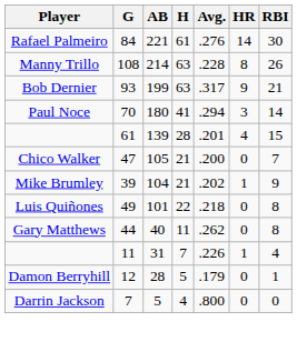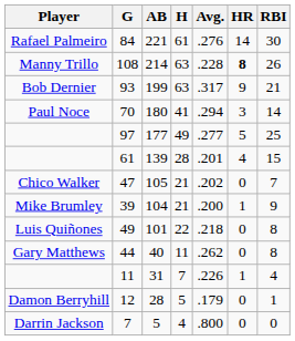 <table class="wikitable sortable" style="text-align:center">
 <tr>
 <th>Player</th>
 <th>G</th>
 <th>AB</th>
 <th>H</th>
 <th>Avg.</th>
 <th>HR</th>
 <th>RBI</th>
 </tr>
 <tr>
 <td><a href='#'>Rafael Palmeiro</a></td>
 <td>84</td>
 <td>221</td>
 <td>61</td>
 <td>.276</td>
 <td>14</td>
 <td>30</td>
 </tr>
 <tr>
 <td><a href='#'>Manny Trillo</a></td>
 <td>108</td>
 <td>214</td>
 <td>63</td>
 <td>.228</td>
-<td>8</td>
+<td><strong>8</strong></td>
 <td>26</td>
 </tr>
 <tr>
 <td><a href='#'>Bob Dernier</a></td>
 <td>93</td>
 <td>199</td>
 <td>63</td>
 <td>.317</td>
 <td>9</td>
 <td>21</td>
 </tr>
 <tr>
 <td><a href='#'>Paul Noce</a></td>
 <td>70</td>
 <td>180</td>
 <td>41</td>
 <td>.294</td>
 <td>3</td>
 <td>14</td>
 </tr>
 <tr>
 <td></td>
+<td>97</td>
+<td>177</td>
+<td>49</td>
+<td>.277</td>
+<td>5</td>
+<td>25</td>
+</tr>
+<tr>
+<td></td>
 <td>61</td>
 <td>139</td>
 <td>28</td>
 <td>.201</td>
 <td>4</td>
 <td>15</td>
 </tr>
 <tr>
 <td><a href='#'>Chico Walker</a></td>
 <td>47</td>
 <td>105</td>
 <td>21</td>
-<td>.200</td>
+<td>.202</td>
 <td>0</td>
 <td>7</td>
 </tr>
 <tr>
 <td><a href='#'>Mike Brumley</a></td>
 <td>39</td>
 <td>104</td>
 <td>21</td>
-<td>.202</td>
+<td>.200</td>
 <td>1</td>
 <td>9</td>
 </tr>
 <tr>
 <td><a href='#'>Luis Quiñones</a></td>
 <td>49</td>
 <td>101</td>
 <td>22</td>
 <td>.218</td>
 <td>0</td>
 <td>8</td>
 </tr>
 <tr>
 <td><a href='#'>Gary Matthews</a></td>
 <td>44</td>
 <td>40</td>
 <td>11</td>
 <td>.262</td>
 <td>0</td>
 <td>8</td>
 </tr>
 <tr>
 <td></td>
 <td>11</td>
 <td>31</td>
 <td>7</td>
 <td>.226</td>
 <td>1</td>
 <td>4</td>
 </tr>
 <tr>
 <td><a href='#'>Damon Berryhill</a></td>
 <td>12</td>
 <td>28</td>
 <td>5</td>
 <td>.179</td>
 <td>0</td>
 <td>1</td>
 </tr>
 <tr>
 <td><a href='#'>Darrin Jackson</a></td>
 <td>7</td>
 <td>5</td>
 <td>4</td>
 <td>.800</td>
 <td>0</td>
 <td>0</td>
 </tr>
 </table>
